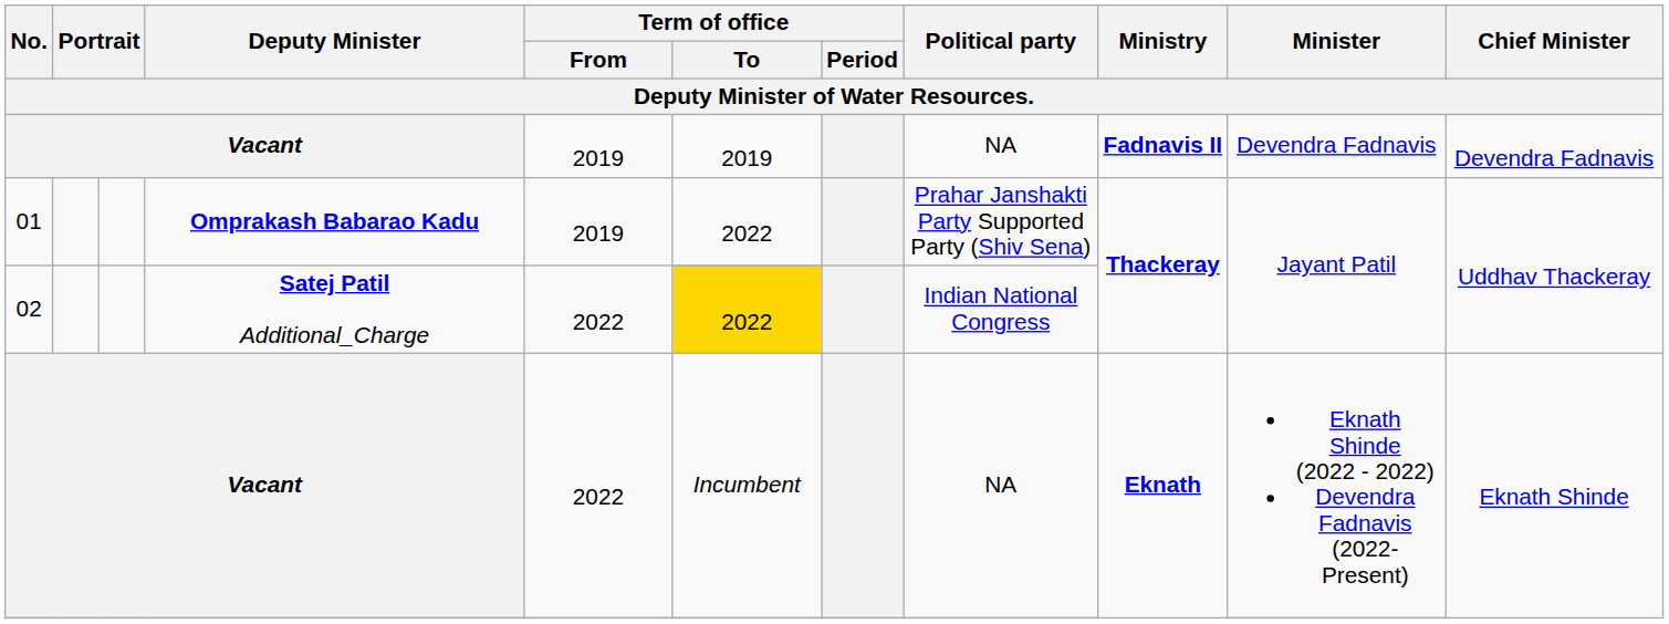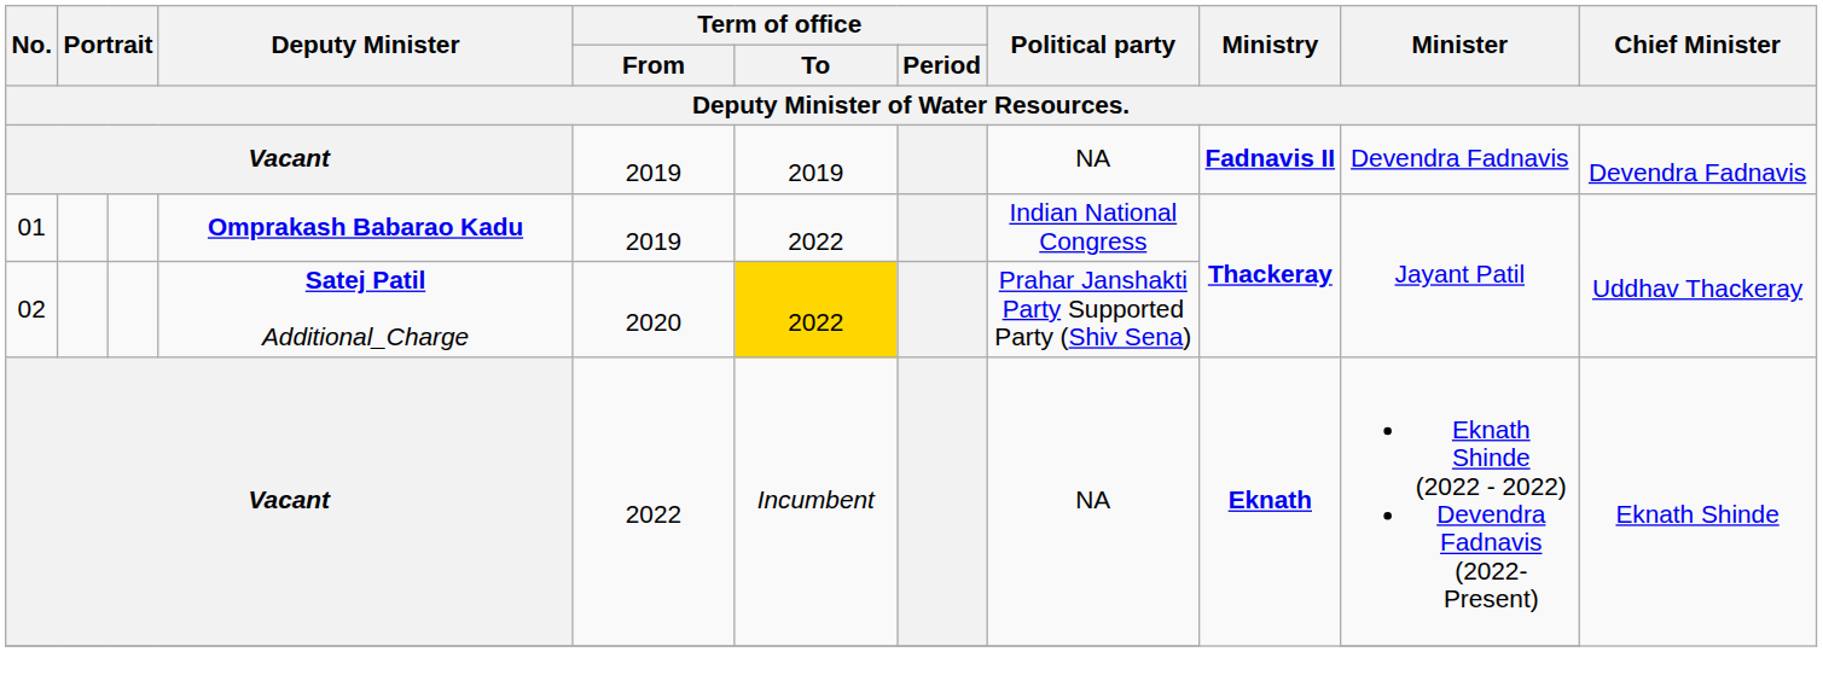 <table class="wikitable" style="text-align:center">
 <tr>
 <th rowspan="2">No.</th>
 <th rowspan="2" colspan="2">Portrait</th>
 <th rowspan="2" style="width:16em">Deputy Minister<br></th>
 <th colspan="3">Term of office</th>
 <th rowspan="2" style="width:8em">Political party</th>
 <th rowspan="2">Ministry</th>
 <th rowspan="2" style="width:9em">Minister</th>
 <th rowspan="2" style="width:9em">Chief Minister</th>
 </tr>
 <tr>
 <th style="width:6em">From</th>
 <th style="width:6em">To</th>
 <th>Period</th>
 </tr>
 <tr>
 <th colspan="11">Deputy Minister of Water Resources.</th>
 </tr>
 <tr>
 <th colspan="04"><strong><em> Vacant</em></strong></th>
 <td><br>2019</td>
 <td><br>2019</td>
 <th></th>
 <td>NA</td>
 <td rowspan="1"><a href='#'><strong>Fadnavis II</strong></a></td>
 <td><a href='#'>Devendra Fadnavis</a></td>
 <td rowspan="1"> <br><a href='#'>Devendra Fadnavis</a></td>
 </tr>
 <tr>
 <td>01</td>
 <td style="color:inherit;background:"></td>
 <td></td>
 <td><strong><a href='#'>Omprakash Babarao Kadu</a></strong> <br> </td>
 <td><br>2019</td>
 <td><br>2022</td>
 <th></th>
-<td><a href='#'>Prahar Janshakti Party</a> Supported Party (<a href='#'>Shiv Sena</a>)</td>
+<td><a href='#'>Indian National Congress</a></td>
 <td rowspan="2"><a href='#'><strong>Thackeray</strong></a></td>
 <td rowspan="2"><a href='#'>Jayant Patil</a></td>
 <td rowspan="2"> <br><a href='#'>Uddhav Thackeray</a></td>
 </tr>
 <tr>
 <td>02</td>
 <td style="color:inherit;background:"></td>
 <td></td>
 <td><strong><a href='#'>Satej Patil</a></strong> <br> <br><em>Additional_Charge</em></td>
-<td><br>2022</td>
+<td><br>2020</td>
 <td style="background: gold;"><br>2022</td>
 <th></th>
-<td><a href='#'>Indian National Congress</a></td>
+<td><a href='#'>Prahar Janshakti Party</a> Supported Party (<a href='#'>Shiv Sena</a>)</td>
 </tr>
 <tr>
 <th colspan="04"><strong><em>Vacant</em></strong></th>
 <td><br>2022</td>
 <td><em>Incumbent</em></td>
 <th></th>
 <td>NA</td>
 <td rowspan="2"><a href='#'><strong>Eknath</strong></a></td>
 <td><br><ul><li><a href='#'>Eknath Shinde</a><br>(2022 - 2022)</li><li><a href='#'>Devendra Fadnavis</a><br> (2022- Present)</li></ul></td>
 <td rowspan="2"> <br><a href='#'>Eknath Shinde</a></td>
 </tr>
 <tr>
 </tr>
 </table>
